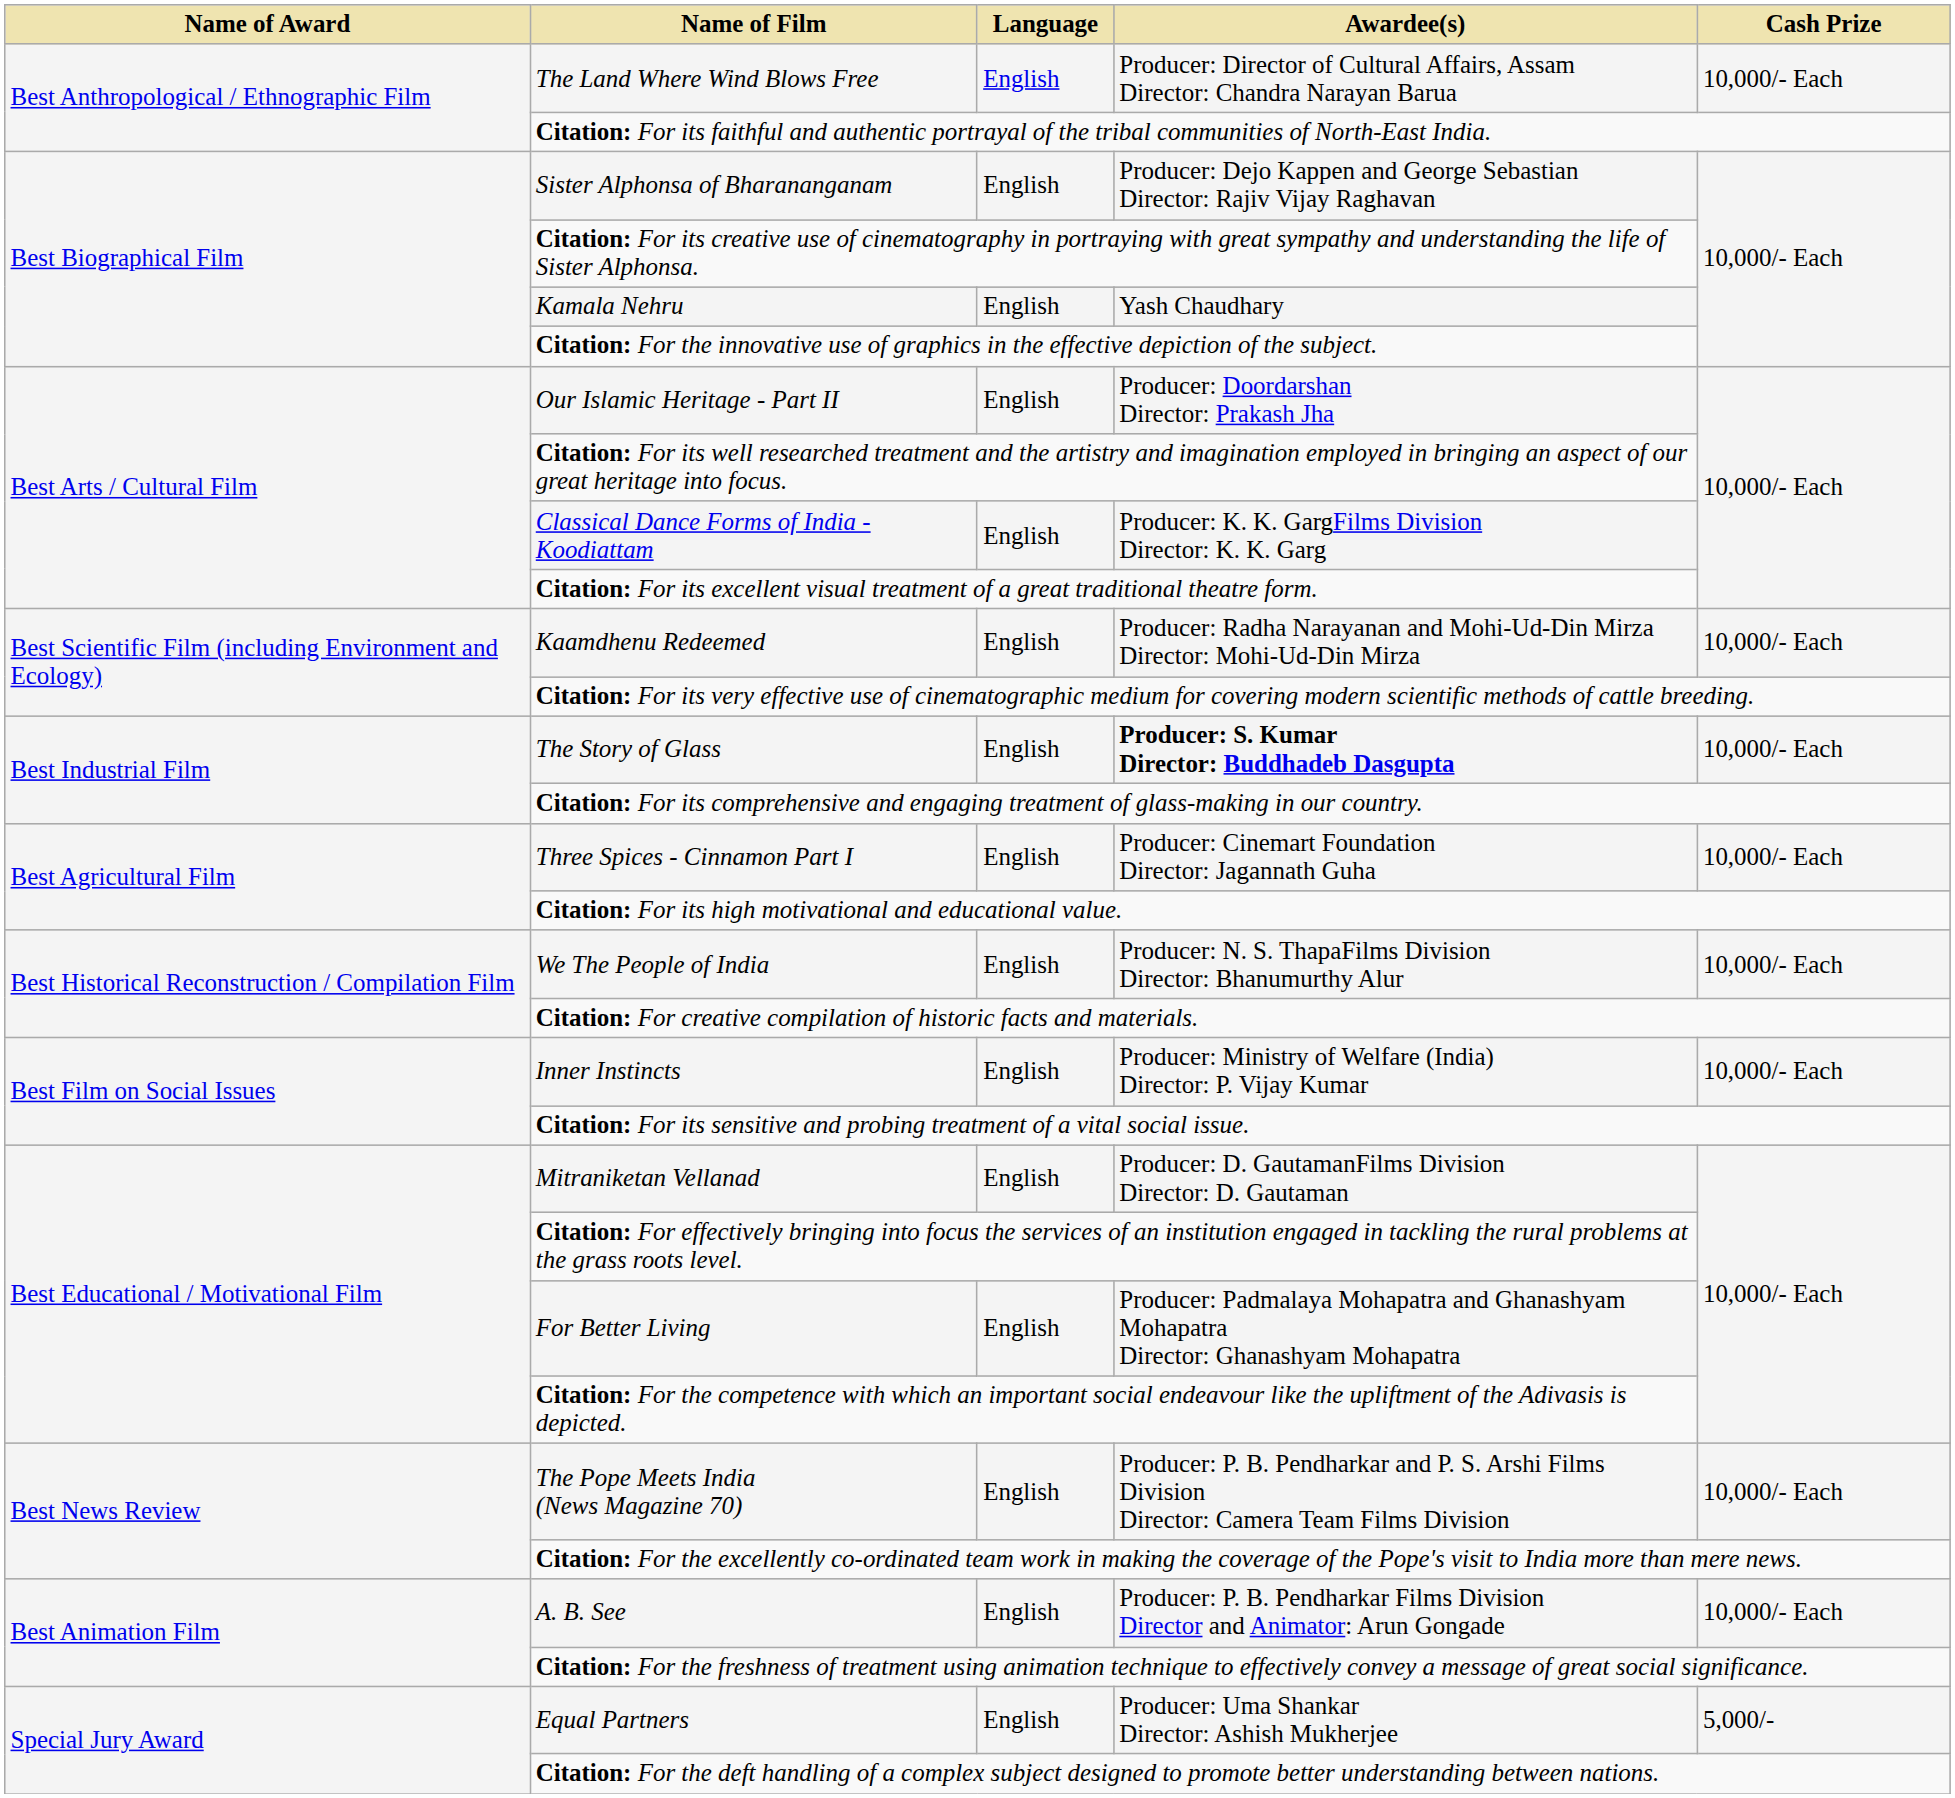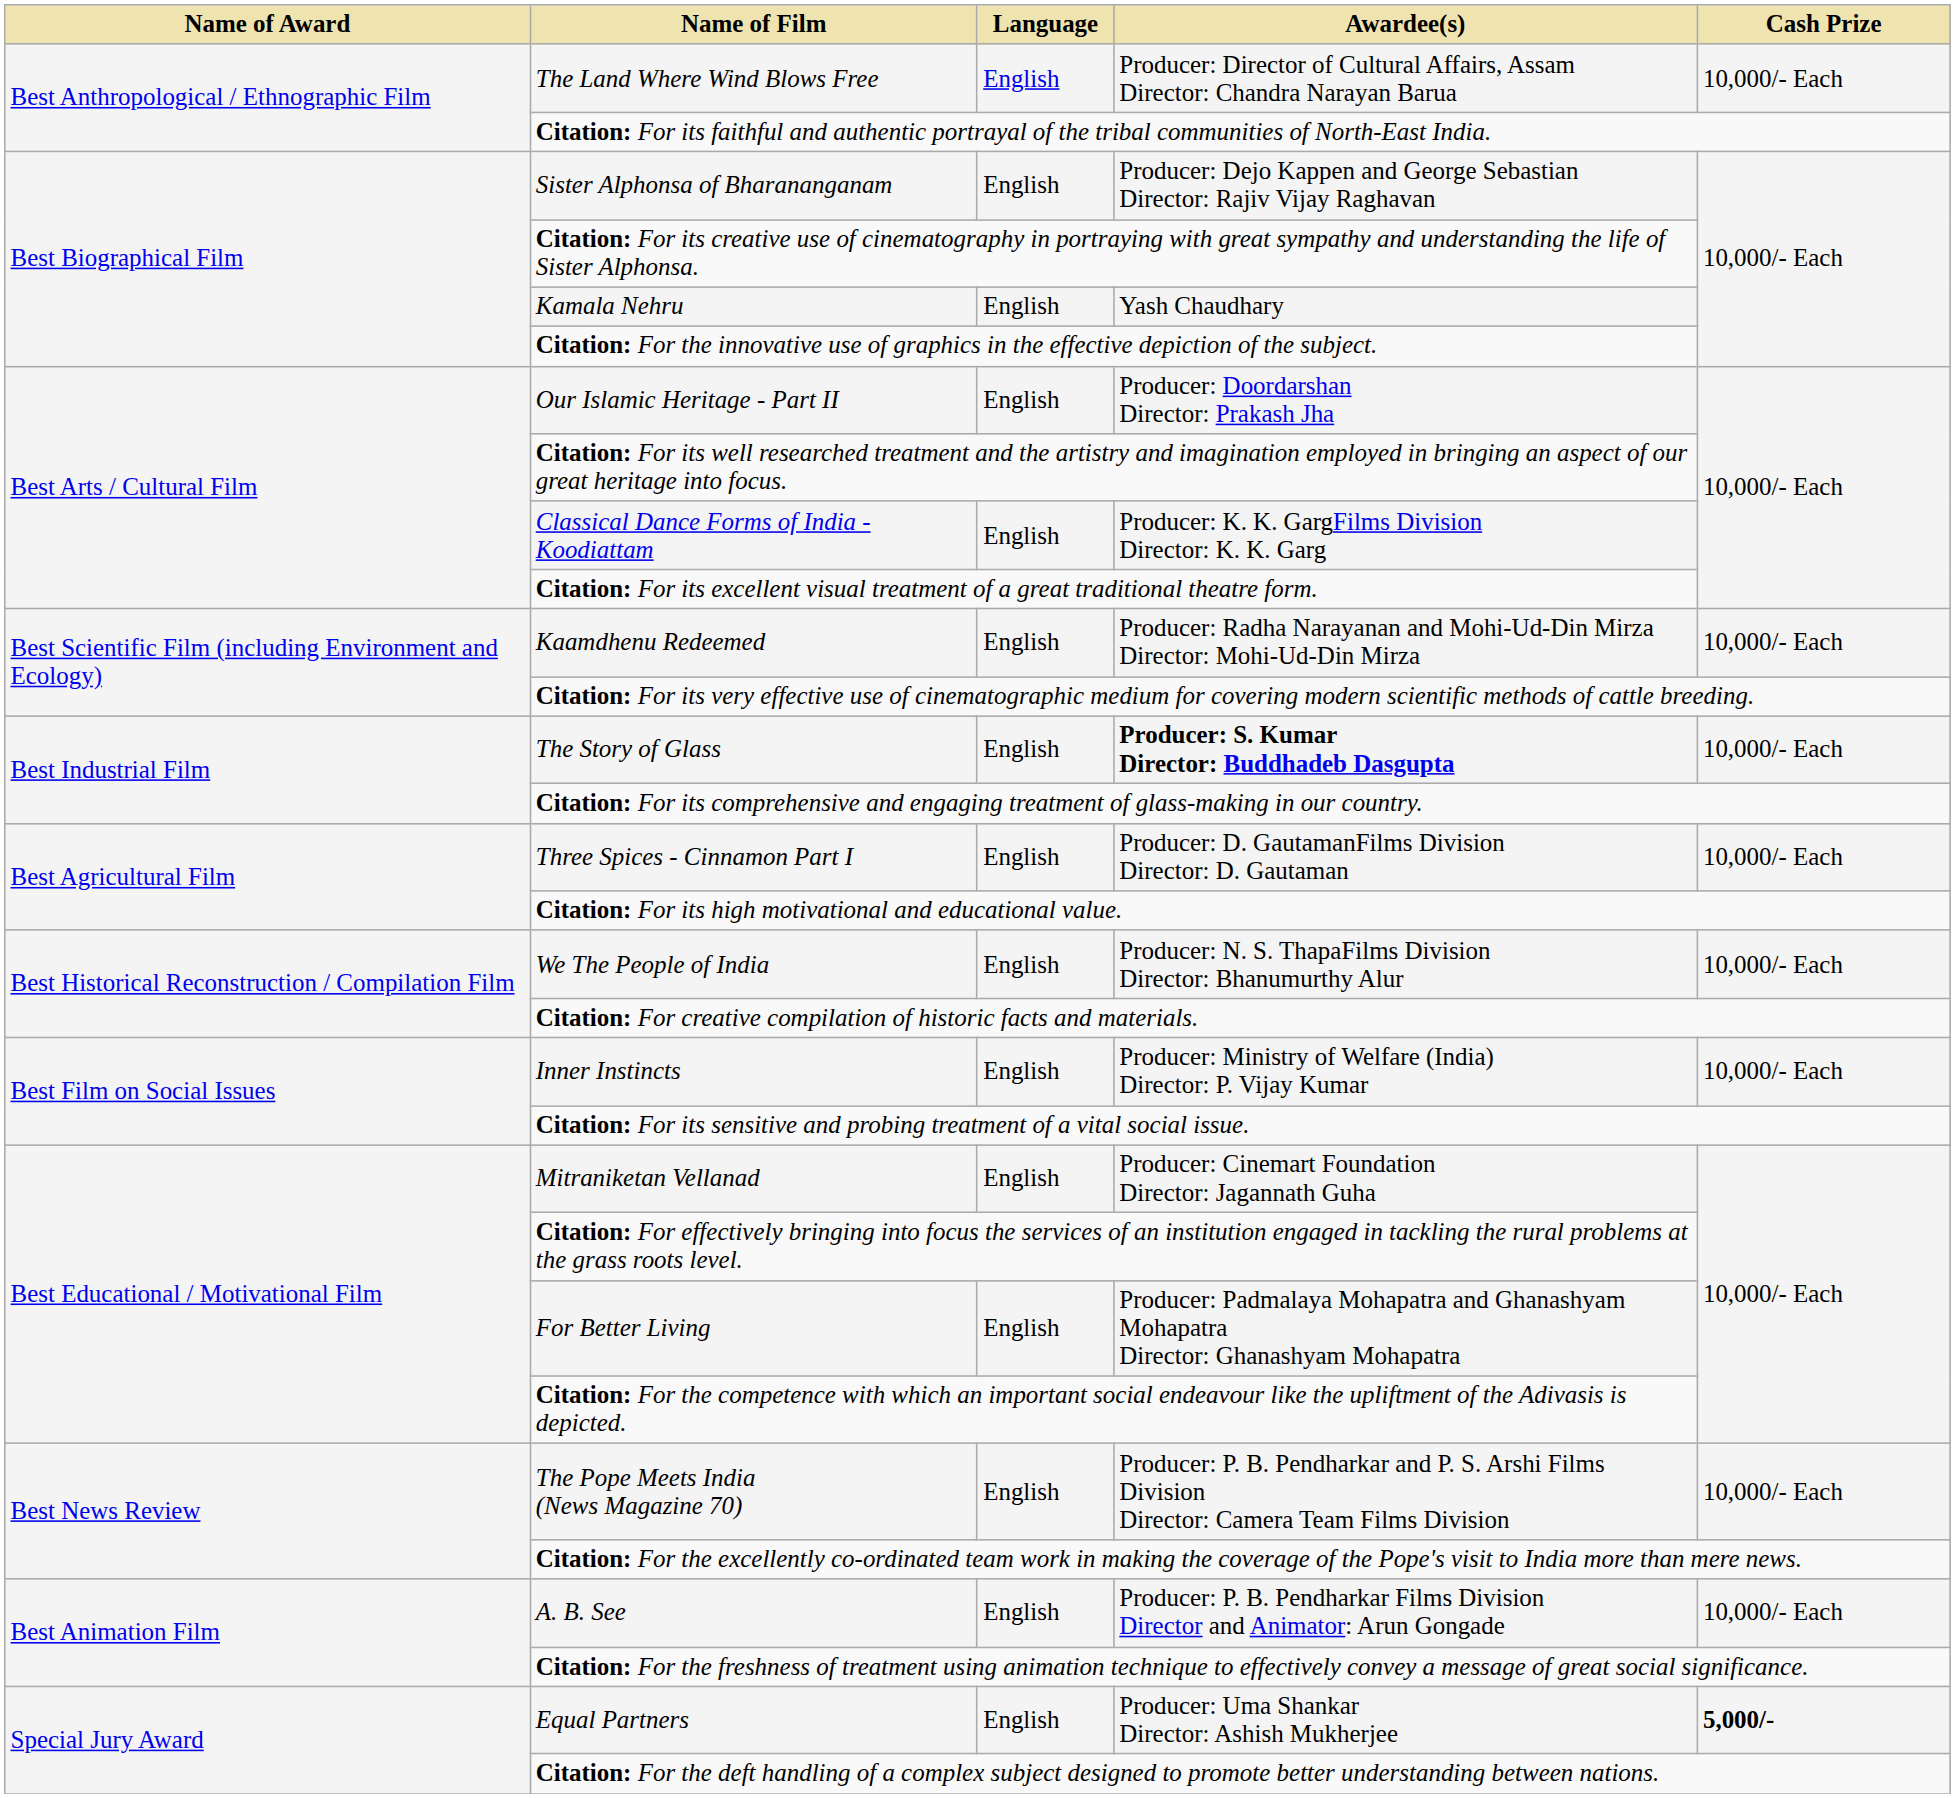 <table class="wikitable">
 <tr>
 <th style="background-color:#EFE4B0;width:27%;">Name of Award</th>
 <th style="background-color:#EFE4B0;width:23%;">Name of Film</th>
 <th style="background-color:#EFE4B0;width:7%;">Language</th>
 <th style="background-color:#EFE4B0;width:30%;">Awardee(s)</th>
 <th style="background-color:#EFE4B0;width:13%;">Cash Prize</th>
 </tr>
 <tr style="background-color:#F4F4F4">
 <td rowspan="2"><a href='#'>Best Anthropological / Ethnographic Film</a></td>
 <td><em>The Land Where Wind Blows Free</em></td>
 <td><a href='#'>English</a></td>
 <td>Producer: Director of Cultural Affairs, Assam<br>Director: Chandra Narayan Barua</td>
 <td> 10,000/- Each</td>
 </tr>
 <tr style="background-color:#F9F9F9">
 <td colspan="4"><strong>Citation:</strong> <em>For its faithful and authentic portrayal of the tribal communities of North-East India.</em></td>
 </tr>
 <tr style="background-color:#F4F4F4">
 <td rowspan="4"><a href='#'>Best Biographical Film</a></td>
 <td><em>Sister Alphonsa of Bharananganam</em></td>
 <td>English</td>
 <td>Producer: Dejo Kappen and George Sebastian<br>Director: Rajiv Vijay Raghavan</td>
 <td rowspan="4"> 10,000/- Each</td>
 </tr>
 <tr style="background-color:#F9F9F9">
 <td colspan="3"><strong>Citation:</strong> <em>For its creative use of cinematography in portraying with great sympathy and understanding the life of Sister Alphonsa.</em></td>
 </tr>
 <tr style="background-color:#F4F4F4">
 <td><em>Kamala Nehru</em></td>
 <td>English</td>
 <td>Yash Chaudhary</td>
 </tr>
 <tr style="background-color:#F9F9F9">
 <td colspan="3"><strong>Citation:</strong> <em>For the innovative use of graphics in the effective depiction of the subject.</em></td>
 </tr>
 <tr style="background-color:#F4F4F4">
 <td rowspan="4"><a href='#'>Best Arts / Cultural Film</a></td>
 <td><em>Our Islamic Heritage - Part II</em></td>
 <td>English</td>
 <td>Producer: <a href='#'>Doordarshan</a><br>Director: <a href='#'>Prakash Jha</a></td>
 <td rowspan="4"> 10,000/- Each</td>
 </tr>
 <tr style="background-color:#F9F9F9">
 <td colspan="3"><strong>Citation:</strong> <em>For its well researched treatment and the artistry and imagination employed in bringing an aspect of our great heritage into focus.</em></td>
 </tr>
 <tr style="background-color:#F4F4F4">
 <td><em><a href='#'>Classical Dance Forms of India - Koodiattam</a></em></td>
 <td>English</td>
 <td>Producer: K. K. Garg<a href='#'>Films Division</a><br>Director: K. K. Garg</td>
 </tr>
 <tr style="background-color:#F9F9F9">
 <td colspan="3"><strong>Citation:</strong> <em>For its excellent visual treatment of a great traditional theatre form.</em></td>
 </tr>
 <tr style="background-color:#F4F4F4">
 <td rowspan="2"><a href='#'>Best Scientific Film (including Environment and Ecology)</a></td>
 <td><em>Kaamdhenu Redeemed</em></td>
 <td>English</td>
 <td>Producer: Radha Narayanan and Mohi-Ud-Din Mirza<br>Director: Mohi-Ud-Din Mirza</td>
 <td> 10,000/- Each</td>
 </tr>
 <tr style="background-color:#F9F9F9">
 <td colspan="4"><strong>Citation:</strong> <em>For its very effective use of cinematographic medium for covering modern scientific methods of cattle breeding.</em></td>
 </tr>
 <tr style="background-color:#F4F4F4">
 <td rowspan="2"><a href='#'>Best Industrial Film</a></td>
 <td><em>The Story of Glass</em></td>
 <td>English</td>
 <td><strong>Producer: S. Kumar<br>Director: <a href='#'>Buddhadeb Dasgupta</a></strong></td>
 <td> 10,000/- Each</td>
 </tr>
 <tr style="background-color:#F9F9F9">
 <td colspan="4"><strong>Citation:</strong> <em>For its comprehensive and engaging treatment of glass-making in our country.</em></td>
 </tr>
 <tr style="background-color:#F4F4F4">
 <td rowspan="2"><a href='#'>Best Agricultural Film</a></td>
 <td><em>Three Spices - Cinnamon Part I</em></td>
 <td>English</td>
-<td>Producer: Cinemart Foundation<br>Director: Jagannath Guha</td>
+<td>Producer: D. GautamanFilms Division<br>Director: D. Gautaman</td>
 <td> 10,000/- Each</td>
 </tr>
 <tr style="background-color:#F9F9F9">
 <td colspan="4"><strong>Citation:</strong> <em>For its high motivational and educational value.</em></td>
 </tr>
 <tr style="background-color:#F4F4F4">
 <td rowspan="2"><a href='#'>Best Historical Reconstruction / Compilation Film</a></td>
 <td><em>We The People of India</em></td>
 <td>English</td>
 <td>Producer: N. S. ThapaFilms Division<br>Director: Bhanumurthy Alur</td>
 <td> 10,000/- Each</td>
 </tr>
 <tr style="background-color:#F9F9F9">
 <td colspan="4"><strong>Citation:</strong> <em>For creative compilation of historic facts and materials.</em></td>
 </tr>
 <tr style="background-color:#F4F4F4">
 <td rowspan="2"><a href='#'>Best Film on Social Issues</a></td>
 <td><em>Inner Instincts</em></td>
 <td>English</td>
 <td>Producer: Ministry of Welfare (India)<br>Director: P. Vijay Kumar</td>
 <td> 10,000/- Each</td>
 </tr>
 <tr style="background-color:#F9F9F9">
 <td colspan="4"><strong>Citation:</strong> <em>For its sensitive and probing treatment of a vital social issue.</em></td>
 </tr>
 <tr style="background-color:#F4F4F4">
 <td rowspan="4"><a href='#'>Best Educational / Motivational Film</a></td>
 <td><em>Mitraniketan Vellanad</em></td>
 <td>English</td>
-<td>Producer: D. GautamanFilms Division<br>Director: D. Gautaman</td>
+<td>Producer: Cinemart Foundation<br>Director: Jagannath Guha</td>
 <td rowspan="4"> 10,000/- Each</td>
 </tr>
 <tr style="background-color:#F9F9F9">
 <td colspan="3"><strong>Citation:</strong> <em>For effectively bringing into focus the services of an institution engaged in tackling the rural problems at the grass roots level.</em></td>
 </tr>
 <tr style="background-color:#F4F4F4">
 <td><em>For Better Living</em></td>
 <td>English</td>
 <td>Producer: Padmalaya Mohapatra and Ghanashyam Mohapatra<br>Director: Ghanashyam Mohapatra</td>
 </tr>
 <tr style="background-color:#F9F9F9">
 <td colspan="3"><strong>Citation:</strong> <em>For the competence with which an important social endeavour like the upliftment of the Adivasis is depicted.</em></td>
 </tr>
 <tr style="background-color:#F4F4F4">
 <td rowspan="2"><a href='#'>Best News Review</a></td>
 <td><em>The Pope Meets India<br>(News Magazine 70)</em></td>
 <td>English</td>
 <td>Producer: P. B. Pendharkar and P. S. Arshi  Films Division<br>Director: Camera Team  Films Division</td>
 <td> 10,000/- Each</td>
 </tr>
 <tr style="background-color:#F9F9F9">
 <td colspan="4"><strong>Citation:</strong> <em>For the excellently co-ordinated team work in making the coverage of the Pope's visit to India more than mere news.</em></td>
 </tr>
 <tr style="background-color:#F4F4F4">
 <td rowspan="2"><a href='#'>Best Animation Film</a></td>
 <td><em>A. B. See</em></td>
 <td>English</td>
 <td>Producer: P. B. Pendharkar  Films Division<br><a href='#'>Director</a> and <a href='#'>Animator</a>: Arun Gongade</td>
 <td> 10,000/- Each</td>
 </tr>
 <tr style="background-color:#F9F9F9">
 <td colspan="4"><strong>Citation:</strong> <em>For the freshness of treatment using animation technique to effectively convey a message of great social significance.</em></td>
 </tr>
 <tr style="background-color:#F4F4F4">
 <td rowspan="2"><a href='#'>Special Jury Award</a></td>
 <td><em>Equal Partners</em></td>
 <td>English</td>
 <td>Producer: Uma Shankar<br>Director: Ashish Mukherjee</td>
-<td> 5,000/-</td>
+<td><strong> 5,000/-</strong></td>
 </tr>
 <tr style="background-color:#F9F9F9">
 <td colspan="4"><strong>Citation:</strong> <em>For the deft handling of a complex subject designed to promote better understanding between nations.</em></td>
 </tr>
 </table>
